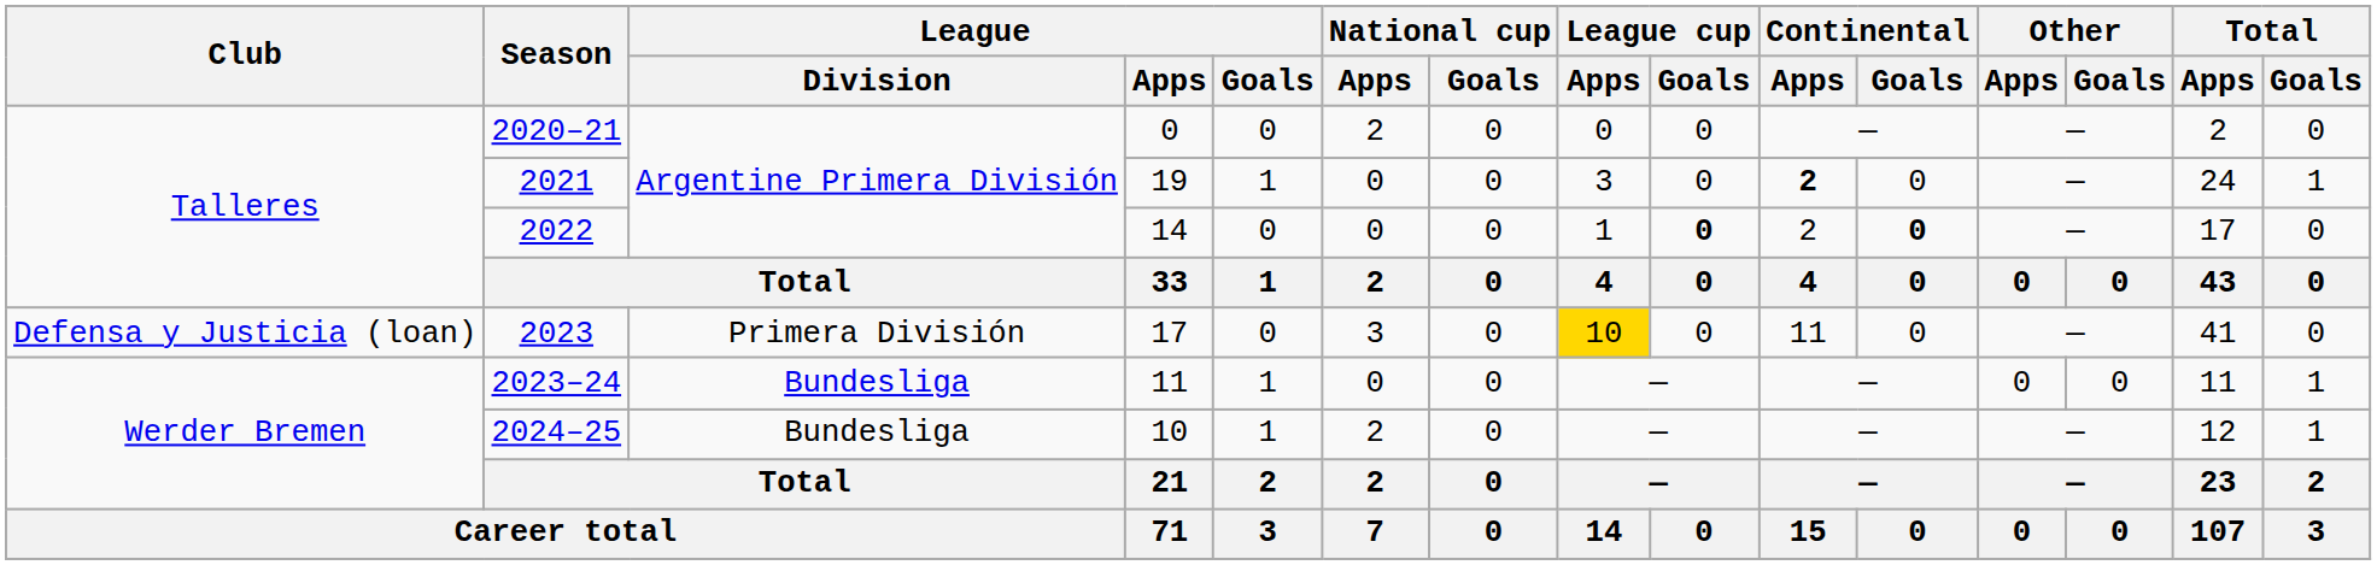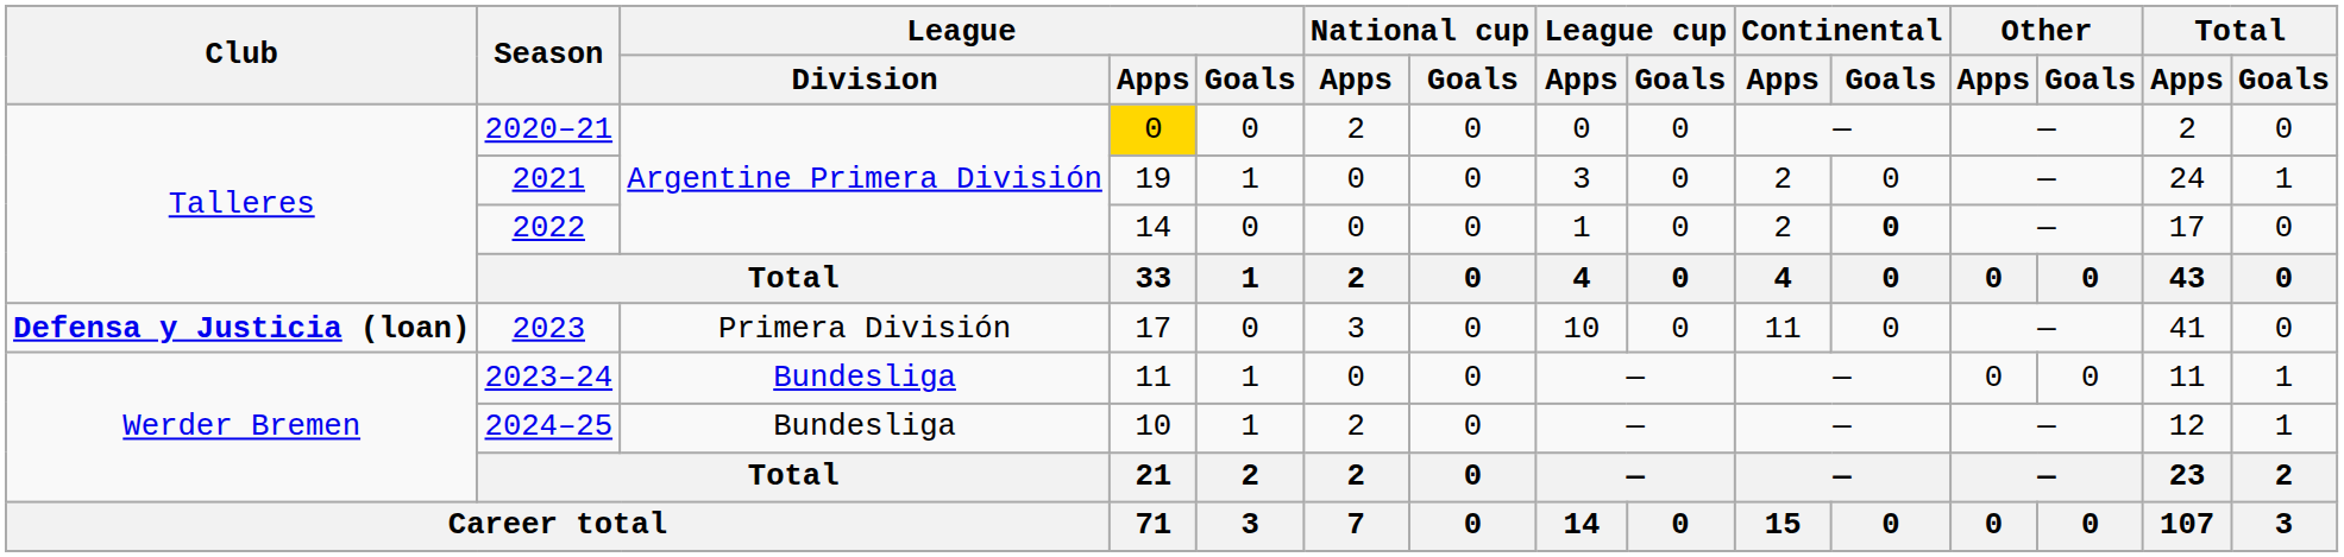 <table class="wikitable" style="text-align:center">
 <tr>
 <th rowspan="2">Club</th>
 <th rowspan="2">Season</th>
 <th colspan="3">League</th>
 <th colspan="2">National cup</th>
 <th colspan="2">League cup</th>
 <th colspan="2">Continental</th>
 <th colspan="2">Other</th>
 <th colspan="2">Total</th>
 </tr>
 <tr>
 <th>Division</th>
 <th>Apps</th>
 <th>Goals</th>
 <th>Apps</th>
 <th>Goals</th>
 <th>Apps</th>
 <th>Goals</th>
 <th>Apps</th>
 <th>Goals</th>
 <th>Apps</th>
 <th>Goals</th>
 <th>Apps</th>
 <th>Goals</th>
 </tr>
 <tr>
 <td rowspan="4"><a href='#'>Talleres</a></td>
 <td><a href='#'>2020–21</a></td>
 <td rowspan="3"><a href='#'>Argentine Primera División</a></td>
-<td>0</td>
+<td style="background: gold;">0</td>
 <td>0</td>
 <td>2</td>
 <td>0</td>
 <td>0</td>
 <td>0</td>
 <td colspan="2">—</td>
 <td colspan="2">—</td>
 <td>2</td>
 <td>0</td>
 </tr>
 <tr>
 <td><a href='#'>2021</a></td>
 <td>19</td>
 <td>1</td>
 <td>0</td>
 <td>0</td>
 <td>3</td>
 <td>0</td>
-<td><strong>2</strong></td>
+<td>2</td>
 <td>0</td>
 <td colspan="2">—</td>
 <td>24</td>
 <td>1</td>
 </tr>
 <tr>
 <td><a href='#'>2022</a></td>
 <td>14</td>
 <td>0</td>
 <td>0</td>
 <td>0</td>
 <td>1</td>
-<td><strong>0</strong></td>
+<td>0</td>
 <td>2</td>
 <td><strong>0</strong></td>
 <td colspan="2">—</td>
 <td>17</td>
 <td>0</td>
 </tr>
 <tr>
 <th colspan="2">Total</th>
 <th>33</th>
 <th>1</th>
 <th>2</th>
 <th>0</th>
 <th>4</th>
 <th>0</th>
 <th>4</th>
 <th>0</th>
 <th>0</th>
 <th>0</th>
 <th>43</th>
 <th>0</th>
 </tr>
 <tr>
-<td><a href='#'>Defensa y Justicia</a> (loan)</td>
+<td><strong><a href='#'>Defensa y Justicia</a> (loan)</strong></td>
 <td><a href='#'>2023</a></td>
 <td>Primera División</td>
 <td>17</td>
 <td>0</td>
 <td>3</td>
 <td>0</td>
-<td style="background: gold;">10</td>
+<td>10</td>
 <td>0</td>
 <td>11</td>
 <td>0</td>
 <td colspan="2">—</td>
 <td>41</td>
 <td>0</td>
 </tr>
 <tr>
 <td rowspan="3"><a href='#'>Werder Bremen</a></td>
 <td><a href='#'>2023–24</a></td>
 <td><a href='#'>Bundesliga</a></td>
 <td>11</td>
 <td>1</td>
 <td>0</td>
 <td>0</td>
 <td colspan="2">—</td>
 <td colspan="2">—</td>
 <td>0</td>
 <td>0</td>
 <td>11</td>
 <td>1</td>
 </tr>
 <tr>
 <td><a href='#'>2024–25</a></td>
 <td>Bundesliga</td>
 <td>10</td>
 <td>1</td>
 <td>2</td>
 <td>0</td>
 <td colspan="2">—</td>
 <td colspan="2">—</td>
 <td colspan="2">—</td>
 <td>12</td>
 <td>1</td>
 </tr>
 <tr>
 <th colspan="2">Total</th>
 <th>21</th>
 <th>2</th>
 <th>2</th>
 <th>0</th>
 <th colspan="2">—</th>
 <th colspan="2">—</th>
 <th colspan="2">—</th>
 <th>23</th>
 <th>2</th>
 </tr>
 <tr>
 <th colspan="3">Career total</th>
 <th>71</th>
 <th>3</th>
 <th>7</th>
 <th>0</th>
 <th>14</th>
 <th>0</th>
 <th>15</th>
 <th>0</th>
 <th>0</th>
 <th>0</th>
 <th>107</th>
 <th>3</th>
 </tr>
 </table>
